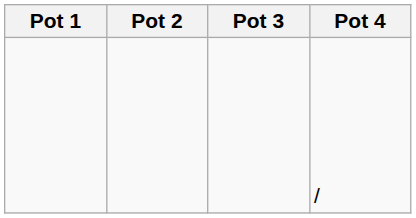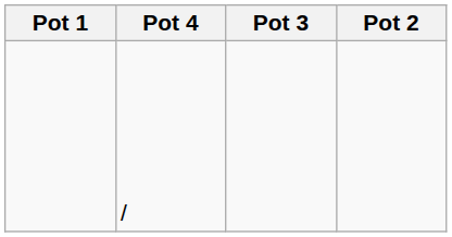 <table class="wikitable">
 <tr>
 <th width=15%>Pot 1</th>
+<th width=15%>Pot 4</th>
+<th width=15%>Pot 3</th>
 <th width=15%>Pot 2</th>
-<th width=15%>Pot 3</th>
-<th width=15%>Pot 4</th>
 </tr>
 <tr>
 <td valign="top"><br><br><br><br><br><br></td>
+<td valign="top"><br><br><br><br><br><br>/</td>
 <td valign="top"><br><br><br><br><br><br></td>
 <td valign="top"><br><br><br><br><br><br></td>
-<td valign="top"><br><br><br><br><br><br>/</td>
 </tr>
 </table>
